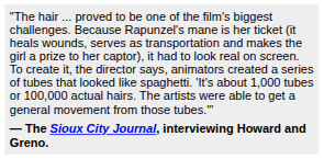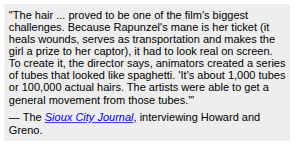 <table class="toccolours" style="float:left; margin-left:1em; margin-right:2em; font-size:85%; background:#eee; color:black; width:30em; max-width:40%;" cellspacing="5">
 <tr>
 <td style="text-align: left;">"The hair ... proved to be one of the film's biggest challenges. Because Rapunzel's mane is her ticket (it heals wounds, serves as transportation and makes the girl a prize to her captor), it had to look real on screen. To create it, the director says, animators created a series of tubes that looked like spaghetti. 'It's about 1,000 tubes or 100,000 actual hairs. The artists were able to get a general movement from those tubes.'"</td>
 </tr>
 <tr>
-<td style="text-align: left;"><strong>— The <em><a href='#'>Sioux City Journal</a></em>, interviewing Howard and Greno.</strong></td>
+<td style="text-align: left;">— The <em><a href='#'>Sioux City Journal</a></em>, interviewing Howard and Greno.</td>
 </tr>
 </table>
